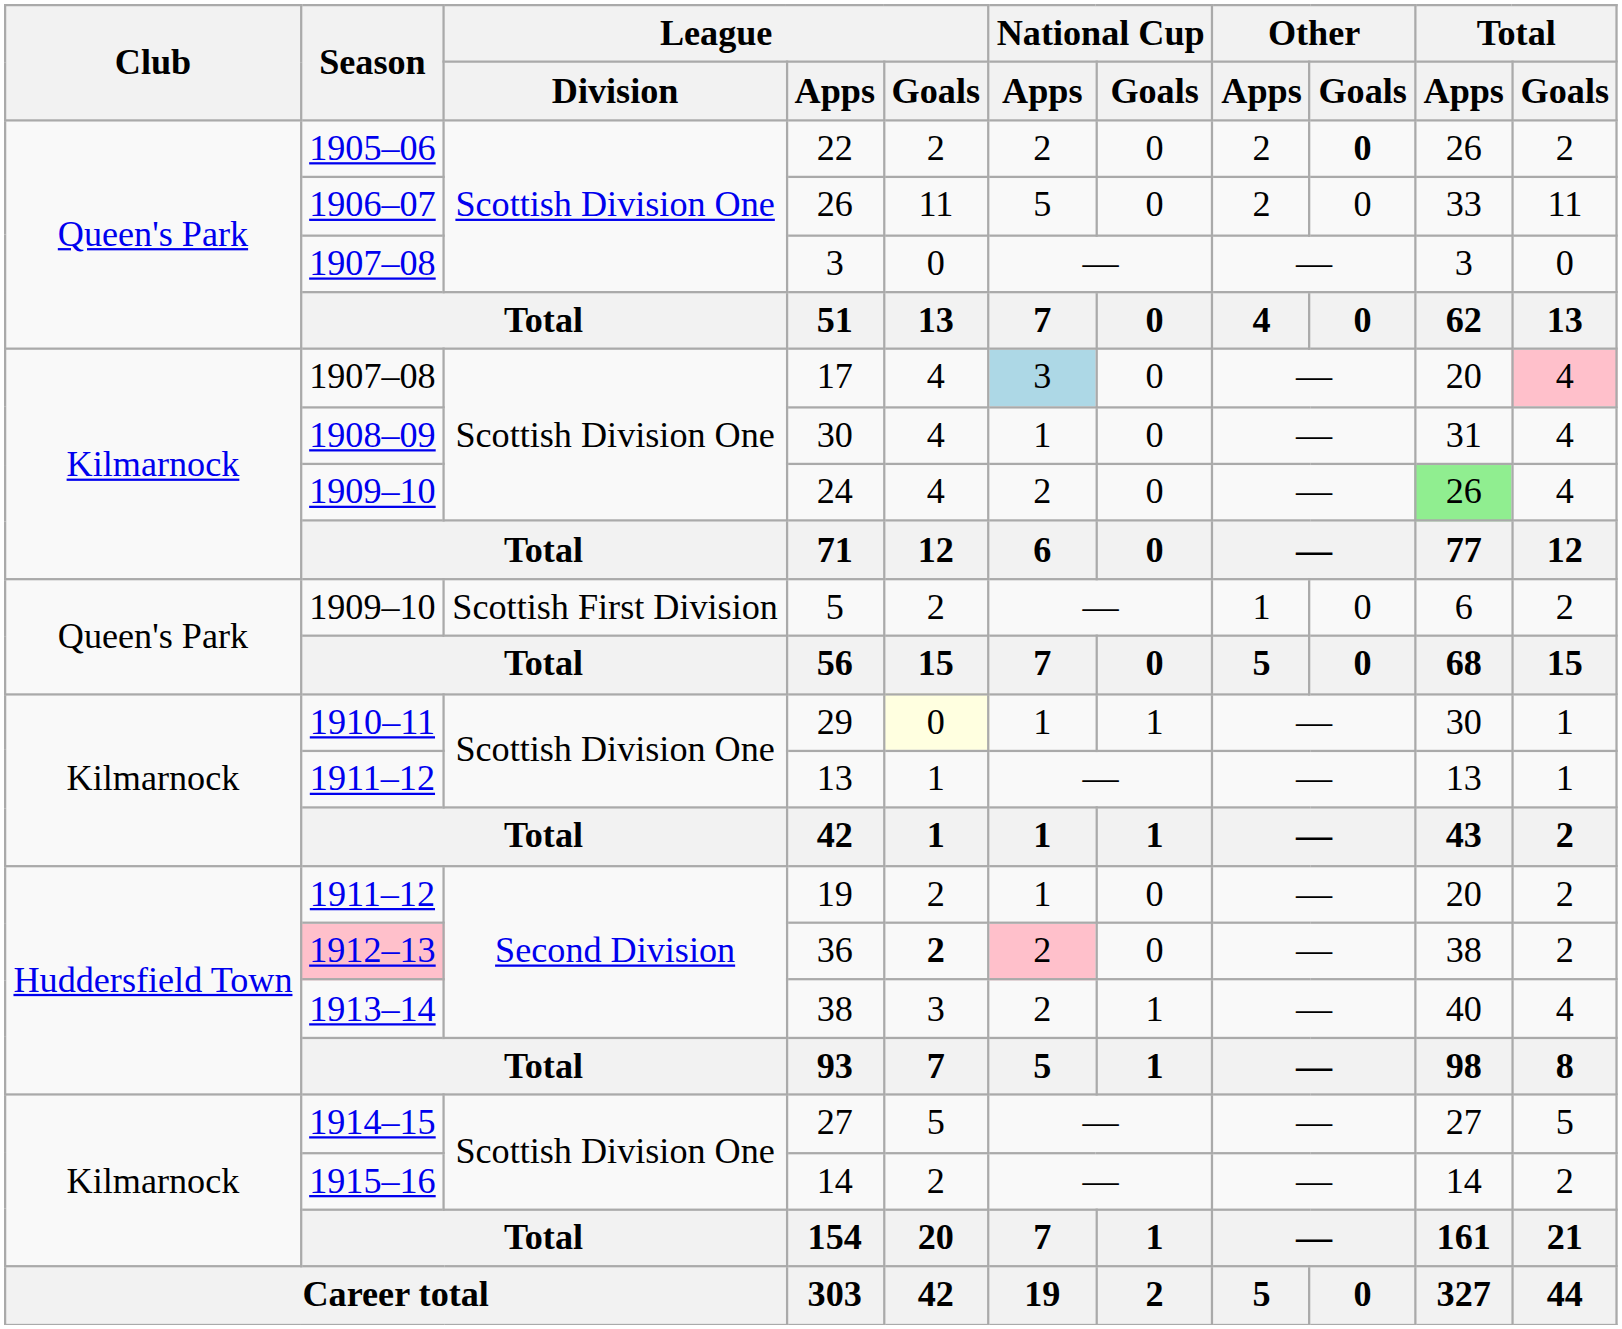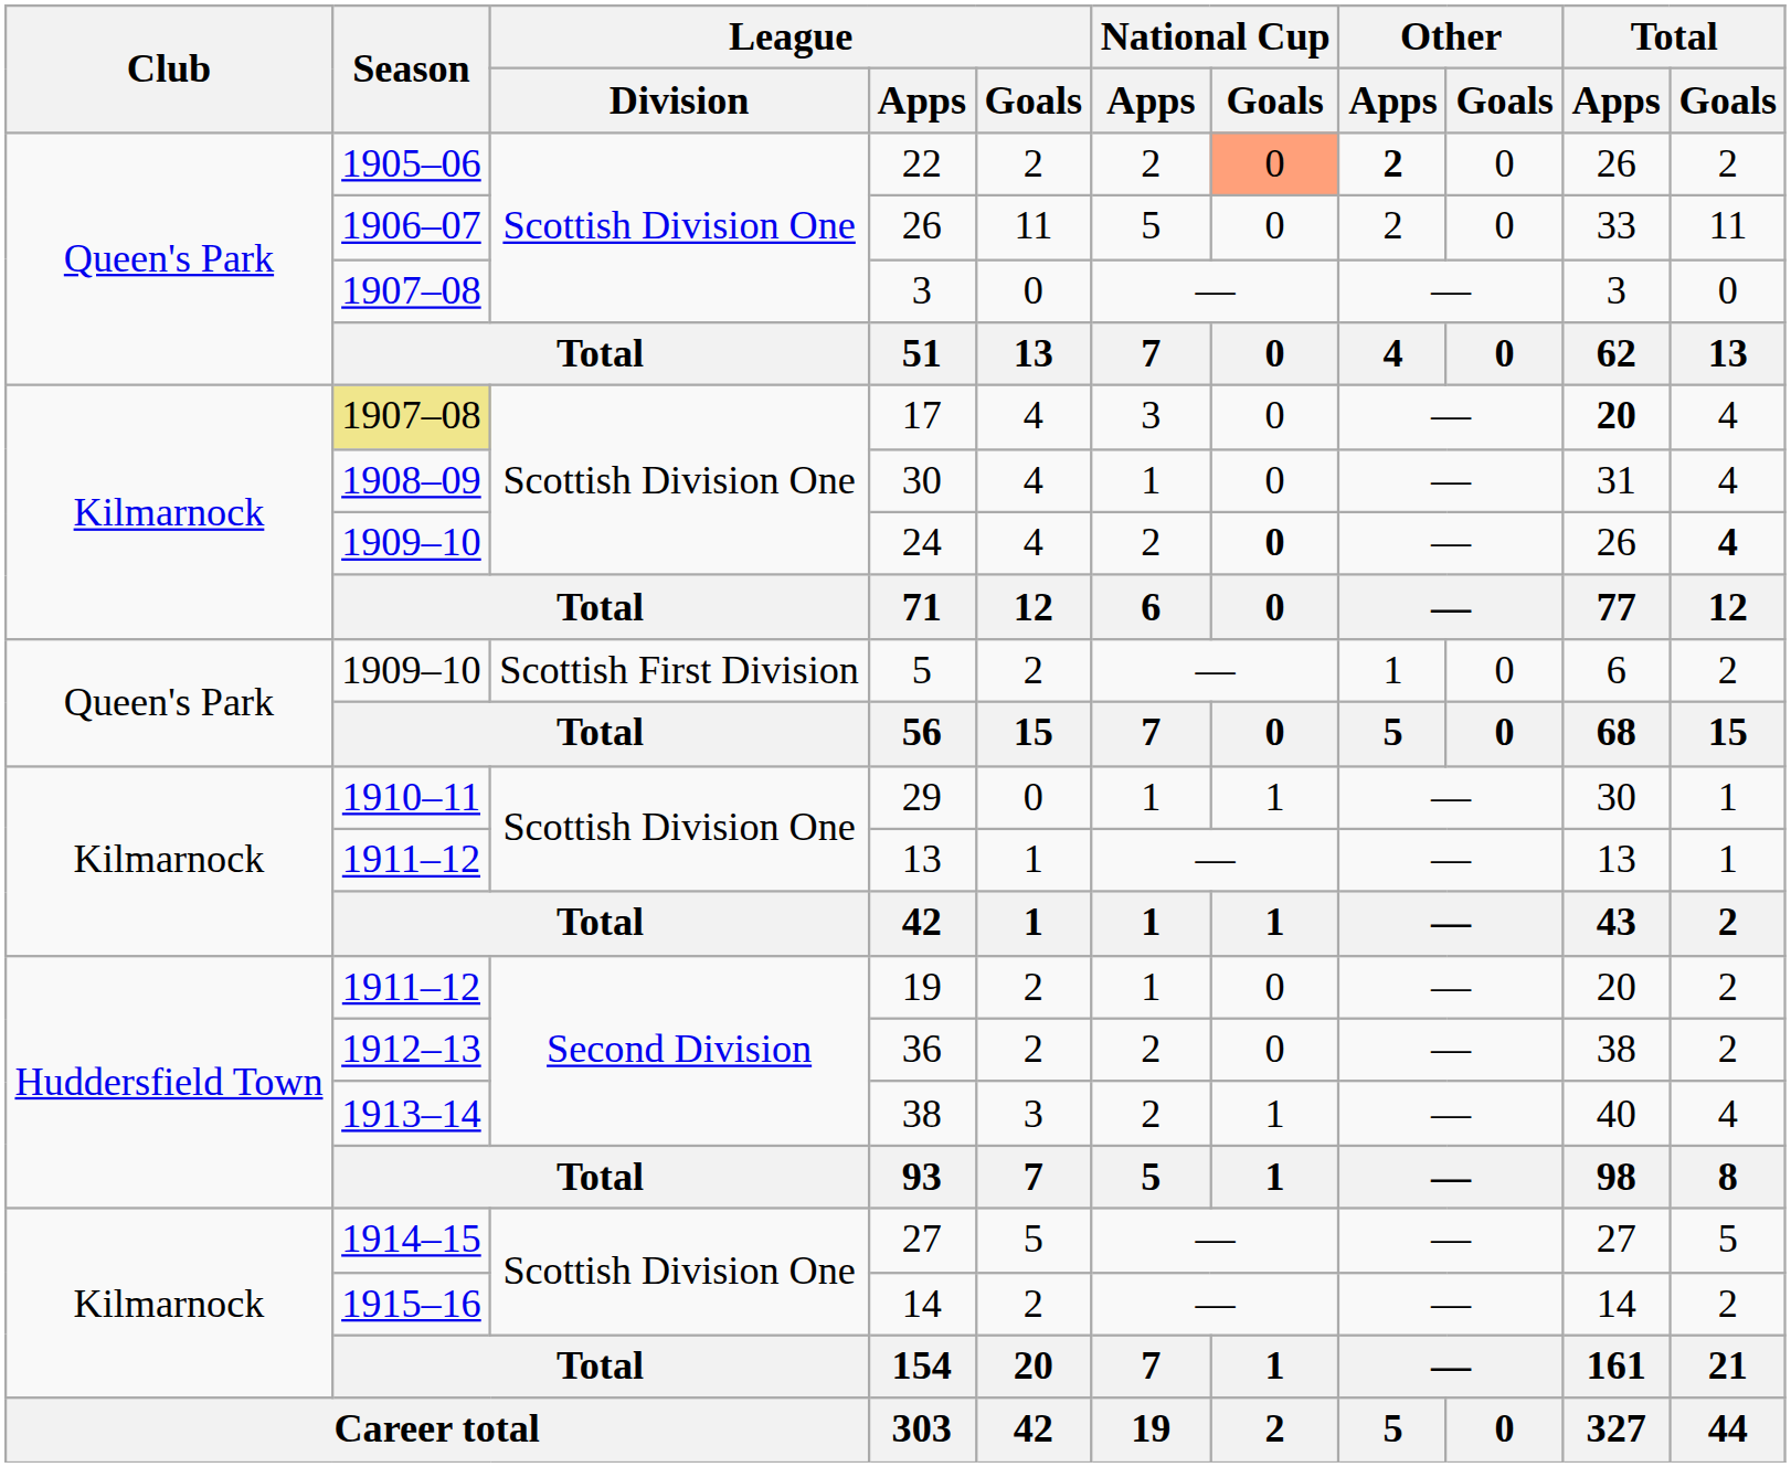 <table class="wikitable" style="text-align: center">
 <tr>
 <th rowspan="2">Club</th>
 <th rowspan="2">Season</th>
 <th colspan="3">League</th>
 <th colspan="2">National Cup</th>
 <th colspan="2">Other</th>
 <th colspan="2">Total</th>
 </tr>
 <tr>
 <th>Division</th>
 <th>Apps</th>
 <th>Goals</th>
 <th>Apps</th>
 <th>Goals</th>
 <th>Apps</th>
 <th>Goals</th>
 <th>Apps</th>
 <th>Goals</th>
 </tr>
 <tr>
 <td rowspan="4"><a href='#'>Queen's Park</a></td>
 <td><a href='#'>1905–06</a></td>
 <td rowspan="3"><a href='#'>Scottish Division One</a></td>
 <td>22</td>
 <td>2</td>
 <td>2</td>
+<td style="background: lightsalmon;">0</td>
+<td><strong>2</strong></td>
 <td>0</td>
-<td>2</td>
-<td><strong>0</strong></td>
 <td>26</td>
 <td>2</td>
 </tr>
 <tr>
 <td><a href='#'>1906–07</a></td>
 <td>26</td>
 <td>11</td>
 <td>5</td>
 <td>0</td>
 <td>2</td>
 <td>0</td>
 <td>33</td>
 <td>11</td>
 </tr>
 <tr>
 <td><a href='#'>1907–08</a></td>
 <td>3</td>
 <td>0</td>
 <td colspan="2">―</td>
 <td colspan="2">―</td>
 <td>3</td>
 <td>0</td>
 </tr>
 <tr>
 <th colspan="2">Total</th>
 <th>51</th>
 <th>13</th>
 <th>7</th>
 <th>0</th>
 <th>4</th>
 <th>0</th>
 <th>62</th>
 <th>13</th>
 </tr>
 <tr>
 <td rowspan="4"><a href='#'>Kilmarnock</a></td>
-<td>1907–08</td>
+<td style="background: khaki;">1907–08</td>
 <td rowspan="3">Scottish Division One</td>
 <td>17</td>
 <td>4</td>
-<td style="background: lightblue;">3</td>
+<td>3</td>
 <td>0</td>
 <td colspan="2">―</td>
-<td>20</td>
-<td style="background: pink;">4</td>
+<td><strong>20</strong></td>
+<td>4</td>
 </tr>
 <tr>
 <td><a href='#'>1908–09</a></td>
 <td>30</td>
 <td>4</td>
 <td>1</td>
 <td>0</td>
 <td colspan="2">―</td>
 <td>31</td>
 <td>4</td>
 </tr>
 <tr>
 <td><a href='#'>1909–10</a></td>
 <td>24</td>
 <td>4</td>
 <td>2</td>
-<td>0</td>
+<td><strong>0</strong></td>
 <td colspan="2">―</td>
-<td style="background: lightgreen;">26</td>
-<td>4</td>
+<td>26</td>
+<td><strong>4</strong></td>
 </tr>
 <tr>
 <th colspan="2">Total</th>
 <th>71</th>
 <th>12</th>
 <th>6</th>
 <th>0</th>
 <th colspan="2">―</th>
 <th>77</th>
 <th>12</th>
 </tr>
 <tr>
 <td rowspan="2">Queen's Park</td>
 <td>1909–10</td>
 <td>Scottish First Division</td>
 <td>5</td>
 <td>2</td>
 <td colspan="2">―</td>
 <td>1</td>
 <td>0</td>
 <td>6</td>
 <td>2</td>
 </tr>
 <tr>
 <th colspan="2">Total</th>
 <th>56</th>
 <th>15</th>
 <th>7</th>
 <th>0</th>
 <th>5</th>
 <th>0</th>
 <th>68</th>
 <th>15</th>
 </tr>
 <tr>
 <td rowspan="3">Kilmarnock</td>
 <td><a href='#'>1910–11</a></td>
 <td rowspan="2">Scottish Division One</td>
 <td>29</td>
-<td style="background: lightyellow;">0</td>
+<td>0</td>
 <td>1</td>
 <td>1</td>
 <td colspan="2">―</td>
 <td>30</td>
 <td>1</td>
 </tr>
 <tr>
 <td><a href='#'>1911–12</a></td>
 <td>13</td>
 <td>1</td>
 <td colspan="2">―</td>
 <td colspan="2">―</td>
 <td>13</td>
 <td>1</td>
 </tr>
 <tr>
 <th colspan="2">Total</th>
 <th>42</th>
 <th>1</th>
 <th>1</th>
 <th>1</th>
 <th colspan="2">―</th>
 <th>43</th>
 <th>2</th>
 </tr>
 <tr>
 <td rowspan="4"><a href='#'>Huddersfield Town</a></td>
 <td><a href='#'>1911–12</a></td>
 <td rowspan="3"><a href='#'>Second Division</a></td>
 <td>19</td>
 <td>2</td>
 <td>1</td>
 <td>0</td>
 <td colspan="2">―</td>
 <td>20</td>
 <td>2</td>
 </tr>
 <tr>
-<td style="background: pink;"><a href='#'>1912–13</a></td>
+<td><a href='#'>1912–13</a></td>
 <td>36</td>
-<td><strong>2</strong></td>
-<td style="background: pink;">2</td>
+<td>2</td>
+<td>2</td>
 <td>0</td>
 <td colspan="2">―</td>
 <td>38</td>
 <td>2</td>
 </tr>
 <tr>
 <td><a href='#'>1913–14</a></td>
 <td>38</td>
 <td>3</td>
 <td>2</td>
 <td>1</td>
 <td colspan="2">―</td>
 <td>40</td>
 <td>4</td>
 </tr>
 <tr>
 <th colspan="2">Total</th>
 <th>93</th>
 <th>7</th>
 <th>5</th>
 <th>1</th>
 <th colspan="2">―</th>
 <th>98</th>
 <th>8</th>
 </tr>
 <tr>
 <td rowspan="3">Kilmarnock</td>
 <td><a href='#'>1914–15</a></td>
 <td rowspan="2">Scottish Division One</td>
 <td>27</td>
 <td>5</td>
 <td colspan="2">―</td>
 <td colspan="2">―</td>
 <td>27</td>
 <td>5</td>
 </tr>
 <tr>
 <td><a href='#'>1915–16</a></td>
 <td>14</td>
 <td>2</td>
 <td colspan="2">―</td>
 <td colspan="2">―</td>
 <td>14</td>
 <td>2</td>
 </tr>
 <tr>
 <th colspan="2">Total</th>
 <th>154</th>
 <th>20</th>
 <th>7</th>
 <th>1</th>
 <th colspan="2">―</th>
 <th>161</th>
 <th>21</th>
 </tr>
 <tr>
 <th colspan="3">Career total</th>
 <th>303</th>
 <th>42</th>
 <th>19</th>
 <th>2</th>
 <th>5</th>
 <th>0</th>
 <th>327</th>
 <th>44</th>
 </tr>
 </table>
